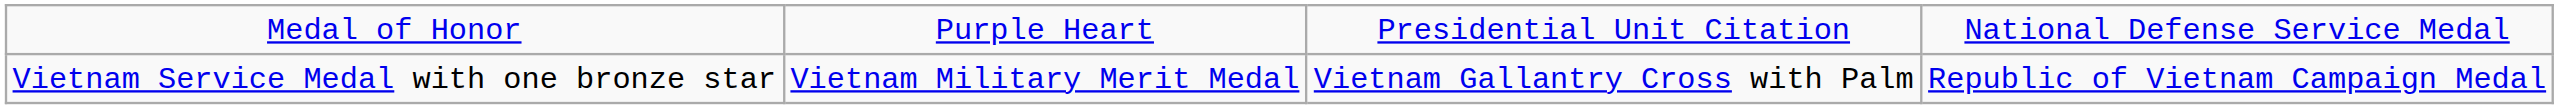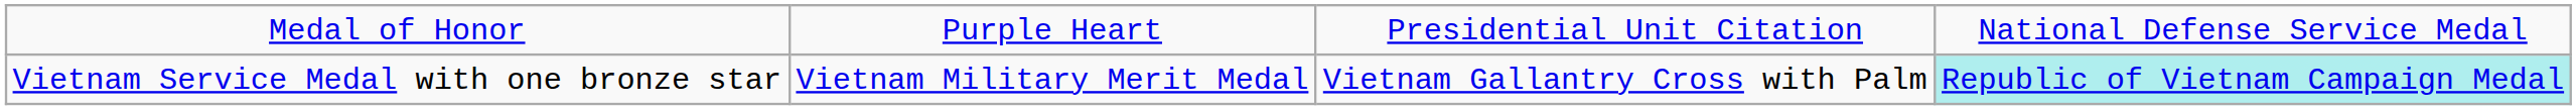 <table class="wikitable" style="margin:1em auto; text-align:center;">
 <tr>
 <td><a href='#'>Medal of Honor</a></td>
 <td><a href='#'>Purple Heart</a></td>
 <td><a href='#'>Presidential Unit Citation</a></td>
 <td><a href='#'>National Defense Service Medal</a></td>
 </tr>
 <tr>
 <td><a href='#'>Vietnam Service Medal</a> with one bronze star</td>
 <td><a href='#'>Vietnam Military Merit Medal</a></td>
 <td><a href='#'>Vietnam Gallantry Cross</a> with Palm</td>
-<td><a href='#'>Republic of Vietnam Campaign Medal</a></td>
+<td style="background: paleturquoise;"><a href='#'>Republic of Vietnam Campaign Medal</a></td>
 </tr>
 </table>
